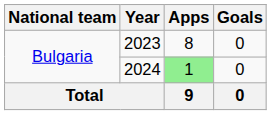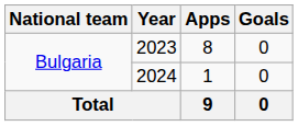 <table class="wikitable" style="text-align:center">
 <tr>
 <th>National team</th>
 <th>Year</th>
 <th>Apps</th>
 <th>Goals</th>
 </tr>
 <tr>
 <td rowspan="2"><a href='#'>Bulgaria</a></td>
 <td>2023</td>
 <td>8</td>
 <td>0</td>
 </tr>
 <tr>
 <td>2024</td>
-<td style="background: lightgreen;">1</td>
+<td>1</td>
 <td>0</td>
 </tr>
 <tr>
 <th colspan="2">Total</th>
 <th>9</th>
 <th>0</th>
 </tr>
 </table>
